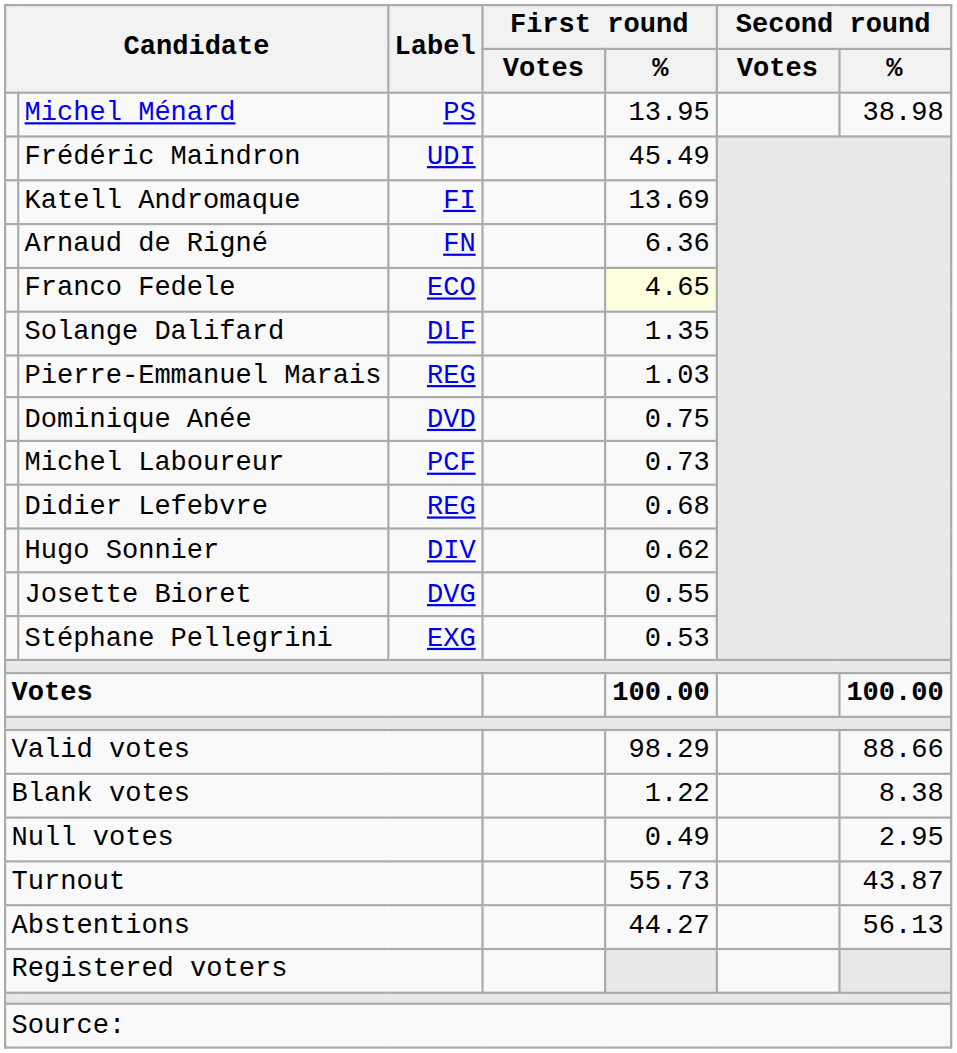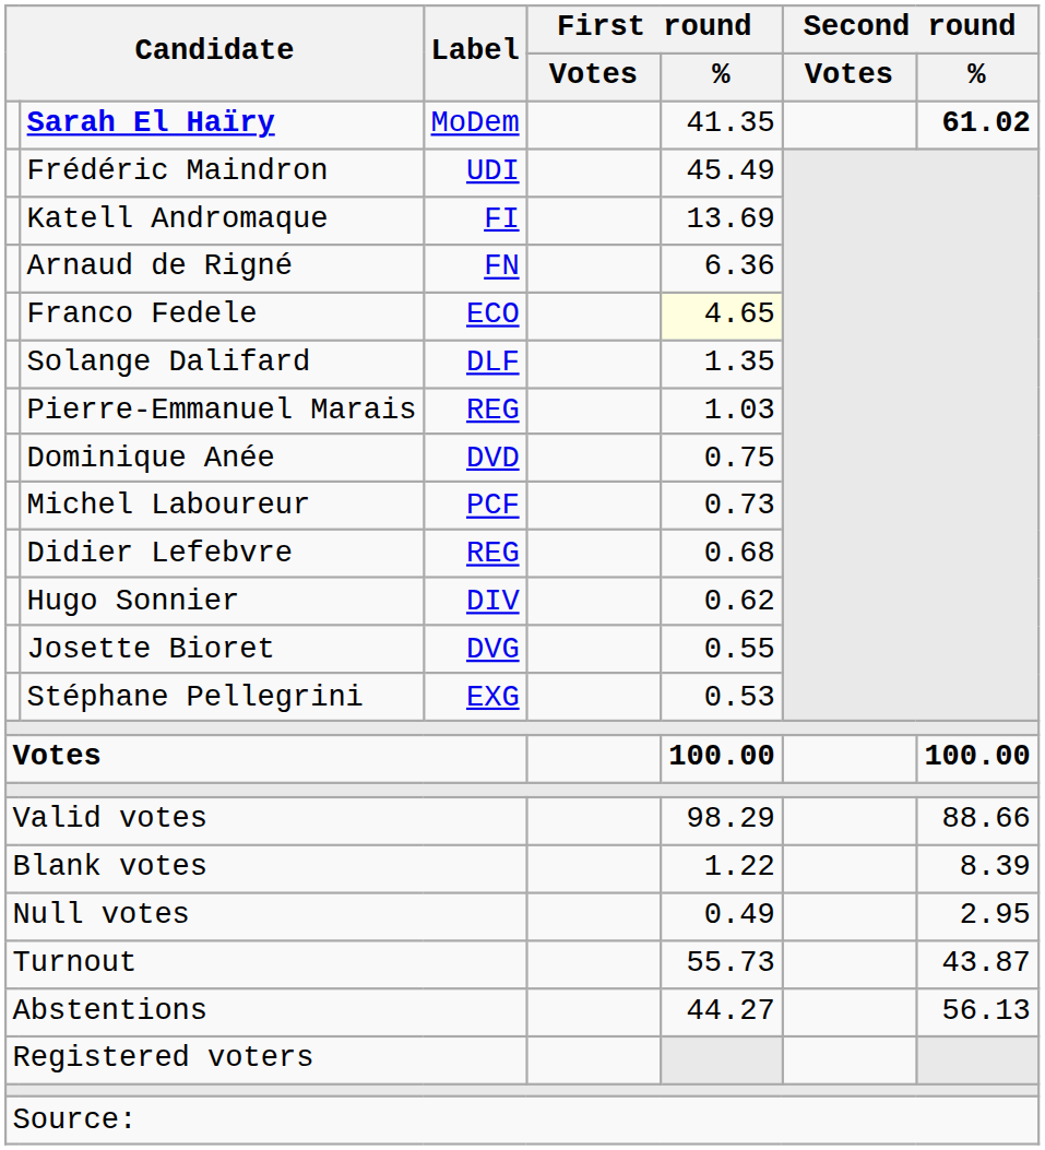 <table class="wikitable" style="text-align:right;font-size:95%;">
 <tr>
 <th rowspan="2" colspan="2">Candidate</th>
 <th rowspan="2">Label</th>
 <th colspan="2">First round</th>
 <th colspan="2">Second round</th>
 </tr>
 <tr>
 <th style="width:50px;">Votes</th>
 <th style="width:45px;">%</th>
 <th style="width:50px;">Votes</th>
 <th style="width:45px;">%</th>
 </tr>
 <tr>
 <td style="color:inherit;background:"></td>
-<td style="text-align:left;"><a href='#'>Michel Ménard</a></td>
-<td><a href='#'>PS</a></td>
+<td style="text-align:left;"><strong><a href='#'>Sarah El Haïry</a></strong></td>
+<td><a href='#'>MoDem</a></td>
 <td></td>
-<td>13.95</td>
-<td></td>
-<td>38.98</td>
+<td>41.35</td>
+<td><strong></strong></td>
+<td><strong>61.02</strong></td>
 </tr>
 <tr>
 <td style="color:inherit;background:"></td>
 <td style="text-align:left;">Frédéric Maindron</td>
 <td><a href='#'>UDI</a></td>
 <td></td>
 <td>45.49</td>
 <td colspan="2" rowspan="12" style="background:#E9E9E9;"></td>
 </tr>
 <tr>
 <td style="color:inherit;background:"></td>
 <td style="text-align:left;">Katell Andromaque</td>
 <td><a href='#'>FI</a></td>
 <td></td>
 <td>13.69</td>
 </tr>
 <tr>
 <td style="color:inherit;background:"></td>
 <td style="text-align:left;">Arnaud de Rigné</td>
 <td><a href='#'>FN</a></td>
 <td></td>
 <td>6.36</td>
 </tr>
 <tr>
 <td style="color:inherit;background:"></td>
 <td style="text-align:left;">Franco Fedele</td>
 <td><a href='#'>ECO</a></td>
 <td></td>
 <td style="background: lightyellow;">4.65</td>
 </tr>
 <tr>
 <td style="color:inherit;background:"></td>
 <td style="text-align:left;">Solange Dalifard</td>
 <td><a href='#'>DLF</a></td>
 <td></td>
 <td>1.35</td>
 </tr>
 <tr>
 <td style="color:inherit;background:"></td>
 <td style="text-align:left;">Pierre-Emmanuel Marais</td>
 <td><a href='#'>REG</a></td>
 <td></td>
 <td>1.03</td>
 </tr>
 <tr>
 <td style="color:inherit;background:"></td>
 <td style="text-align:left;">Dominique Anée</td>
 <td><a href='#'>DVD</a></td>
 <td></td>
 <td>0.75</td>
 </tr>
 <tr>
 <td style="color:inherit;background:"></td>
 <td style="text-align:left;">Michel Laboureur</td>
 <td><a href='#'>PCF</a></td>
 <td></td>
 <td>0.73</td>
 </tr>
 <tr>
 <td style="color:inherit;background:"></td>
 <td style="text-align:left;">Didier Lefebvre</td>
 <td><a href='#'>REG</a></td>
 <td></td>
 <td>0.68</td>
 </tr>
 <tr>
 <td style="color:inherit;background:"></td>
 <td style="text-align:left;">Hugo Sonnier</td>
 <td><a href='#'>DIV</a></td>
 <td></td>
 <td>0.62</td>
 </tr>
 <tr>
 <td style="color:inherit;background:"></td>
 <td style="text-align:left;">Josette Bioret</td>
 <td><a href='#'>DVG</a></td>
 <td></td>
 <td>0.55</td>
 </tr>
 <tr>
 <td style="color:inherit;background:"></td>
 <td style="text-align:left;">Stéphane Pellegrini</td>
 <td><a href='#'>EXG</a></td>
 <td></td>
 <td>0.53</td>
 </tr>
 <tr>
 <td colspan="7" style="background:#E9E9E9;"></td>
 </tr>
 <tr style="font-weight:bold;">
 <td colspan="3" style="text-align:left;">Votes</td>
 <td></td>
 <td>100.00</td>
 <td></td>
 <td>100.00</td>
 </tr>
 <tr>
 <td colspan="7" style="background:#E9E9E9;"></td>
 </tr>
 <tr>
 <td colspan="3" style="text-align:left;">Valid votes</td>
 <td></td>
 <td>98.29</td>
 <td></td>
 <td>88.66</td>
 </tr>
 <tr>
 <td colspan="3" style="text-align:left;">Blank votes</td>
 <td></td>
 <td>1.22</td>
 <td></td>
-<td>8.38</td>
+<td>8.39</td>
 </tr>
 <tr>
 <td colspan="3" style="text-align:left;">Null votes</td>
 <td></td>
 <td>0.49</td>
 <td></td>
 <td>2.95</td>
 </tr>
 <tr>
 <td colspan="3" style="text-align:left;">Turnout</td>
 <td></td>
 <td>55.73</td>
 <td></td>
 <td>43.87</td>
 </tr>
 <tr>
 <td colspan="3" style="text-align:left;">Abstentions</td>
 <td></td>
 <td>44.27</td>
 <td></td>
 <td>56.13</td>
 </tr>
 <tr>
 <td colspan="3" style="text-align:left;">Registered voters</td>
 <td></td>
 <td style="color:inherit;background:#E9E9E9;"></td>
 <td></td>
 <td style="color:inherit;background:#E9E9E9;"></td>
 </tr>
 <tr>
 <td colspan="7" style="background:#E9E9E9;"></td>
 </tr>
 <tr>
 <td colspan="7" style="text-align:left;">Source: </td>
 </tr>
 </table>
